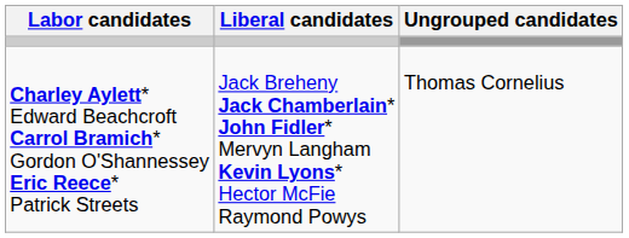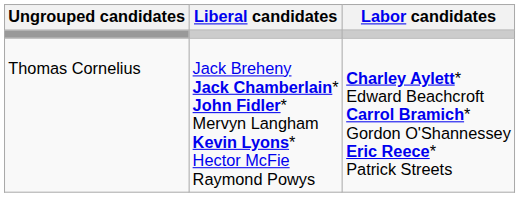 <table class="wikitable">
 <tr>
+<th>Ungrouped candidates</th>
+<th><a href='#'>Liberal</a> candidates</th>
 <th><a href='#'>Labor</a> candidates</th>
-<th><a href='#'>Liberal</a> candidates</th>
-<th>Ungrouped candidates</th>
 </tr>
 <tr bgcolor="#cccccc">
+<td bgcolor="#999999"></td>
 <td></td>
 <td></td>
-<td bgcolor="#999999"></td>
 </tr>
 <tr>
+<td valign=top><br>Thomas Cornelius</td>
+<td><br><a href='#'>Jack Breheny</a><br> <strong><a href='#'>Jack Chamberlain</a></strong>*<br> <strong><a href='#'>John Fidler</a></strong>*<br> Mervyn Langham<br> <strong><a href='#'>Kevin Lyons</a></strong>*<br> <a href='#'>Hector McFie</a><br> Raymond Powys</td>
 <td><br><strong><a href='#'>Charley Aylett</a></strong>*<br> Edward Beachcroft<br> <strong><a href='#'>Carrol Bramich</a></strong>*<br> Gordon O'Shannessey<br> <strong><a href='#'>Eric Reece</a></strong>*<br> Patrick Streets</td>
-<td><br><a href='#'>Jack Breheny</a><br> <strong><a href='#'>Jack Chamberlain</a></strong>*<br> <strong><a href='#'>John Fidler</a></strong>*<br> Mervyn Langham<br> <strong><a href='#'>Kevin Lyons</a></strong>*<br> <a href='#'>Hector McFie</a><br> Raymond Powys</td>
-<td valign=top><br>Thomas Cornelius</td>
 </tr>
 </table>
